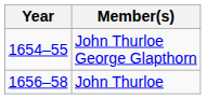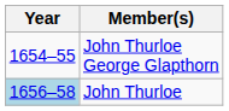 <table class="wikitable">
 <tr>
 <th>Year</th>
 <th colspan=2>Member(s)</th>
 </tr>
 <tr>
 <td><a href='#'>1654–55</a></td>
 <td><a href='#'>John Thurloe</a><br><a href='#'>George Glapthorn</a></td>
 </tr>
 <tr>
-<td><a href='#'>1656–58</a></td>
+<td style="background: lightblue;"><a href='#'>1656–58</a></td>
 <td><a href='#'>John Thurloe</a></td>
 </tr>
 </table>
